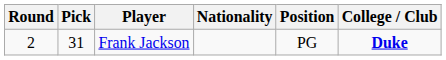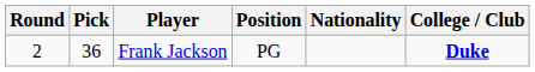 <table class="wikitable sortable sortable">
 <tr>
 <th style="background:#">Round</th>
 <th style="background:#">Pick</th>
 <th style="background:#">Player</th>
+<th style="background:#">Position</th>
 <th style="background:#">Nationality</th>
-<th style="background:#">Position</th>
 <th style="background:#">College / Club</th>
 </tr>
 <tr style="text-align: center">
 <td>2</td>
-<td>31</td>
+<td>36</td>
 <td><a href='#'>Frank Jackson</a></td>
+<td>PG</td>
 <td></td>
-<td>PG</td>
 <td><strong><a href='#'>Duke</a></strong></td>
 </tr>
 </table>
